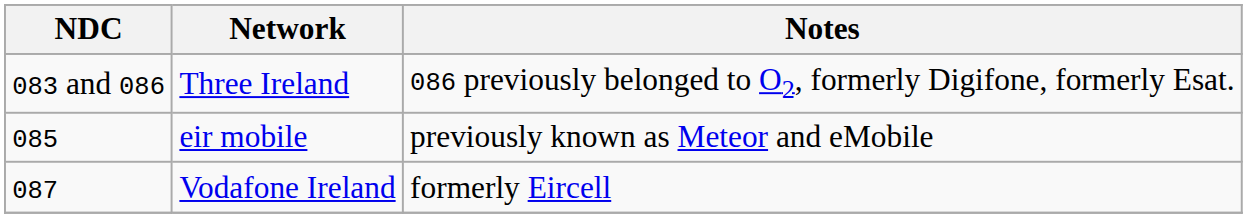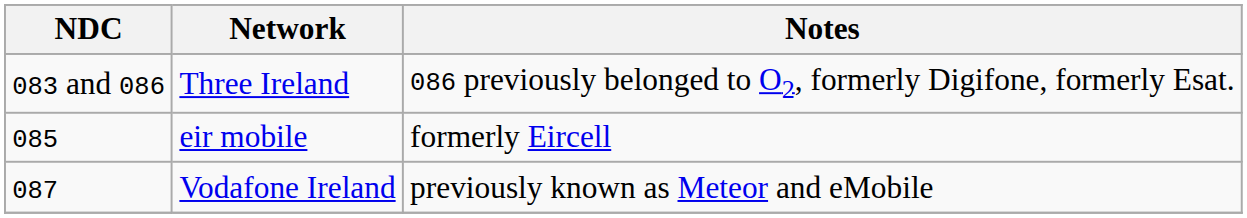 <table class="wikitable">
 <tr>
 <th>NDC</th>
 <th>Network</th>
 <th>Notes</th>
 </tr>
 <tr>
 <td><code>083</code> and <code>086</code></td>
 <td><a href='#'>Three Ireland</a></td>
 <td><code>086</code> previously belonged to <a href='#'>O<sub>2</sub></a>, formerly Digifone, formerly Esat.</td>
 </tr>
 <tr>
 <td><code>085</code></td>
 <td><a href='#'>eir mobile</a></td>
-<td>previously known as <a href='#'>Meteor</a> and eMobile</td>
+<td>formerly <a href='#'>Eircell</a></td>
 </tr>
 <tr>
 <td><code>087</code></td>
 <td><a href='#'>Vodafone Ireland</a></td>
-<td>formerly <a href='#'>Eircell</a></td>
+<td>previously known as <a href='#'>Meteor</a> and eMobile</td>
 </tr>
 <tr>
 </tr>
 </table>
